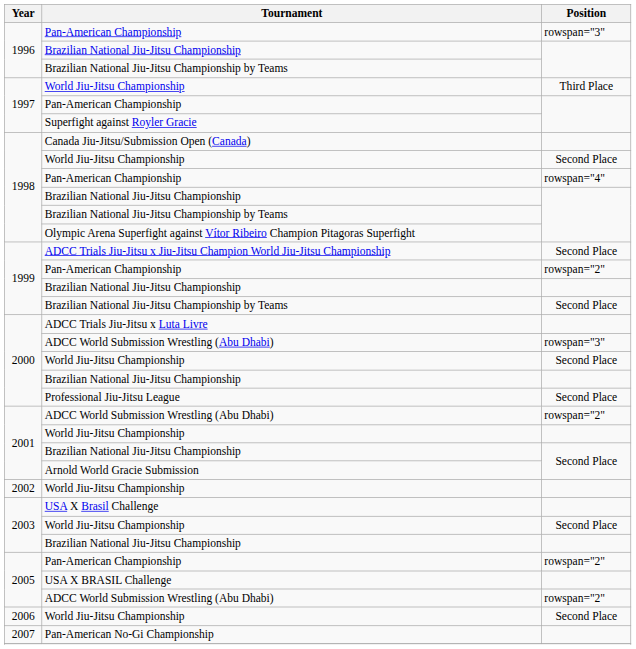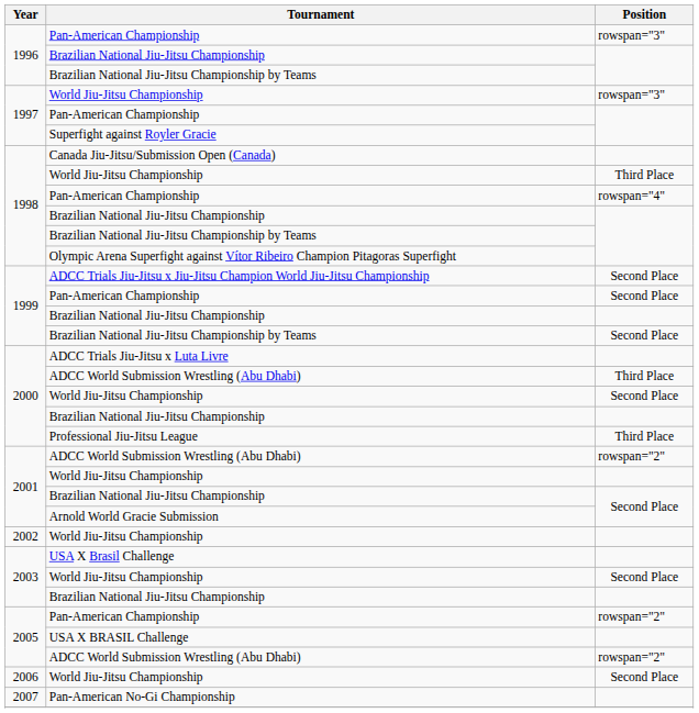 <table class="wikitable plainrowheaders" style="text-align:left"  border="1" width=55%>
 <tr>
 <th scope="col">Year</th>
 <th scope="col">Tournament</th>
 <th scope="col">Position</th>
 </tr>
 <tr>
 <td style="text-align:center" rowspan="3">1996</td>
 <td><a href='#'>Pan-American Championship</a></td>
 <td>rowspan="3" </td>
 </tr>
 <tr>
 <td><a href='#'>Brazilian National Jiu-Jitsu Championship</a></td>
 </tr>
 <tr>
 <td>Brazilian National Jiu-Jitsu Championship by Teams </td>
 </tr>
 <tr>
 <td style="text-align:center" rowspan="3">1997</td>
 <td><a href='#'>World Jiu-Jitsu Championship</a></td>
-<td style="text-align:center">Third Place</td>
+<td>rowspan="3" </td>
 </tr>
 <tr>
 <td>Pan-American Championship </td>
 </tr>
 <tr>
 <td>Superfight against <a href='#'>Royler Gracie</a></td>
 </tr>
 <tr>
 <td style="text-align:center" rowspan="6">1998</td>
 <td>Canada Jiu-Jitsu/Submission Open (<a href='#'>Canada</a>)</td>
 <td></td>
 </tr>
 <tr>
 <td>World Jiu-Jitsu Championship </td>
-<td style="text-align:center">Second Place</td>
+<td style="text-align:center">Third Place</td>
 </tr>
 <tr>
 <td>Pan-American Championship </td>
 <td>rowspan="4" </td>
 </tr>
 <tr>
 <td>Brazilian National Jiu-Jitsu Championship </td>
 </tr>
 <tr>
 <td>Brazilian National Jiu-Jitsu Championship by Teams </td>
 </tr>
 <tr>
 <td>Olympic Arena Superfight against <a href='#'>Vítor Ribeiro</a> Champion Pitagoras Superfight</td>
 </tr>
 <tr>
 <td style="text-align:center" rowspan="4">1999</td>
 <td><a href='#'>ADCC Trials Jiu-Jitsu x Jiu-Jitsu Champion World Jiu-Jitsu Championship</a></td>
 <td style="text-align:center">Second Place</td>
 </tr>
 <tr>
 <td>Pan-American Championship</td>
-<td>rowspan="2" </td>
+<td style="text-align:center">Second Place</td>
 </tr>
 <tr>
 <td>Brazilian National Jiu-Jitsu Championship </td>
 </tr>
 <tr>
 <td>Brazilian National Jiu-Jitsu Championship by Teams </td>
 <td style="text-align:center">Second Place</td>
 </tr>
 <tr>
 <td style="text-align:center" rowspan="5">2000</td>
 <td>ADCC Trials Jiu-Jitsu x <a href='#'>Luta Livre</a></td>
 <td></td>
 </tr>
 <tr>
 <td>ADCC World Submission Wrestling (<a href='#'>Abu Dhabi</a>)</td>
-<td>rowspan="3" </td>
+<td style="text-align:center">Third Place</td>
 </tr>
 <tr>
 <td>World Jiu-Jitsu Championship </td>
 <td style="text-align:center">Second Place</td>
 </tr>
 <tr>
 <td>Brazilian National Jiu-Jitsu Championship </td>
 <td></td>
 </tr>
 <tr>
 <td>Professional Jiu-Jitsu League</td>
-<td style="text-align:center">Second Place</td>
+<td style="text-align:center">Third Place</td>
 </tr>
 <tr>
 <td style="text-align:center" rowspan="4">2001</td>
 <td>ADCC World Submission Wrestling (Abu Dhabi)</td>
 <td>rowspan="2" </td>
 </tr>
 <tr>
 <td>World Jiu-Jitsu Championship </td>
 </tr>
 <tr>
 <td>Brazilian National Jiu-Jitsu Championship </td>
 <td style="text-align:center" rowspan="2">Second Place</td>
 </tr>
 <tr>
 <td>Arnold World Gracie Submission</td>
 </tr>
 <tr>
 <td style="text-align:center">2002</td>
 <td>World Jiu-Jitsu Championship </td>
 <td></td>
 </tr>
 <tr>
 <td style="text-align:center" rowspan="3">2003</td>
 <td><a href='#'>USA</a> X <a href='#'>Brasil</a> Challenge</td>
 <td></td>
 </tr>
 <tr>
 <td>World Jiu-Jitsu Championship </td>
 <td style="text-align:center">Second Place</td>
 </tr>
 <tr>
 <td>Brazilian National Jiu-Jitsu Championship </td>
 <td></td>
 </tr>
 <tr>
 <td style="text-align:center" rowspan="3">2005</td>
 <td>Pan-American Championship </td>
 <td>rowspan="2" </td>
 </tr>
 <tr>
 <td>USA X BRASIL Challenge</td>
 </tr>
 <tr>
 <td>ADCC World Submission Wrestling (Abu Dhabi)</td>
 <td>rowspan="2" </td>
 </tr>
 <tr>
 <td style="text-align:center">2006</td>
 <td>World Jiu-Jitsu Championship </td>
 <td style="text-align:center">Second Place</td>
 </tr>
 <tr>
 <td style="text-align:center">2007</td>
 <td>Pan-American No-Gi Championship </td>
 <td></td>
 </tr>
 <tr>
 </tr>
 <tr>
 </tr>
 </table>
